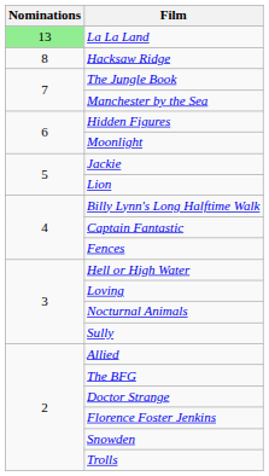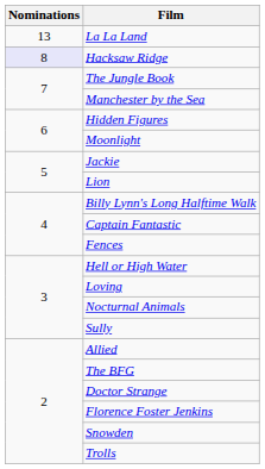 <table class="wikitable">
 <tr>
 <th>Nominations</th>
 <th>Film</th>
 </tr>
 <tr>
-<td align="center" style="background: lightgreen;">13</td>
+<td align="center">13</td>
 <td><em><a href='#'>La La Land</a></em></td>
 </tr>
 <tr>
-<td align="center">8</td>
+<td align="center" style="background: lavender;">8</td>
 <td><em><a href='#'>Hacksaw Ridge</a></em></td>
 </tr>
 <tr>
 <td rowspan="2" align="center">7</td>
 <td><em><a href='#'>The Jungle Book</a></em></td>
 </tr>
 <tr>
 <td><em><a href='#'>Manchester by the Sea</a></em></td>
 </tr>
 <tr>
 <td rowspan="2" align="center">6</td>
 <td><em><a href='#'>Hidden Figures</a></em></td>
 </tr>
 <tr>
 <td><em><a href='#'>Moonlight</a></em></td>
 </tr>
 <tr>
 <td rowspan="2" align="center">5</td>
 <td><em><a href='#'>Jackie</a></em></td>
 </tr>
 <tr>
 <td><em><a href='#'>Lion</a></em></td>
 </tr>
 <tr>
 <td rowspan="3" align="center">4</td>
 <td><em><a href='#'>Billy Lynn's Long Halftime Walk</a></em></td>
 </tr>
 <tr>
 <td><em><a href='#'>Captain Fantastic</a></em></td>
 </tr>
 <tr>
 <td><em><a href='#'>Fences</a></em></td>
 </tr>
 <tr>
 <td rowspan="4" align="center">3</td>
 <td><em><a href='#'>Hell or High Water</a></em></td>
 </tr>
 <tr>
 <td><em><a href='#'>Loving</a></em></td>
 </tr>
 <tr>
 <td><em><a href='#'>Nocturnal Animals</a></em></td>
 </tr>
 <tr>
 <td><em><a href='#'>Sully</a></em></td>
 </tr>
 <tr>
 <td rowspan="6" align="center">2</td>
 <td><em><a href='#'>Allied</a></em></td>
 </tr>
 <tr>
 <td><em><a href='#'>The BFG</a></em></td>
 </tr>
 <tr>
 <td><em><a href='#'>Doctor Strange</a></em></td>
 </tr>
 <tr>
 <td><em><a href='#'>Florence Foster Jenkins</a></em></td>
 </tr>
 <tr>
 <td><em><a href='#'>Snowden</a></em></td>
 </tr>
 <tr>
 <td><em><a href='#'>Trolls</a></em></td>
 </tr>
 </table>
